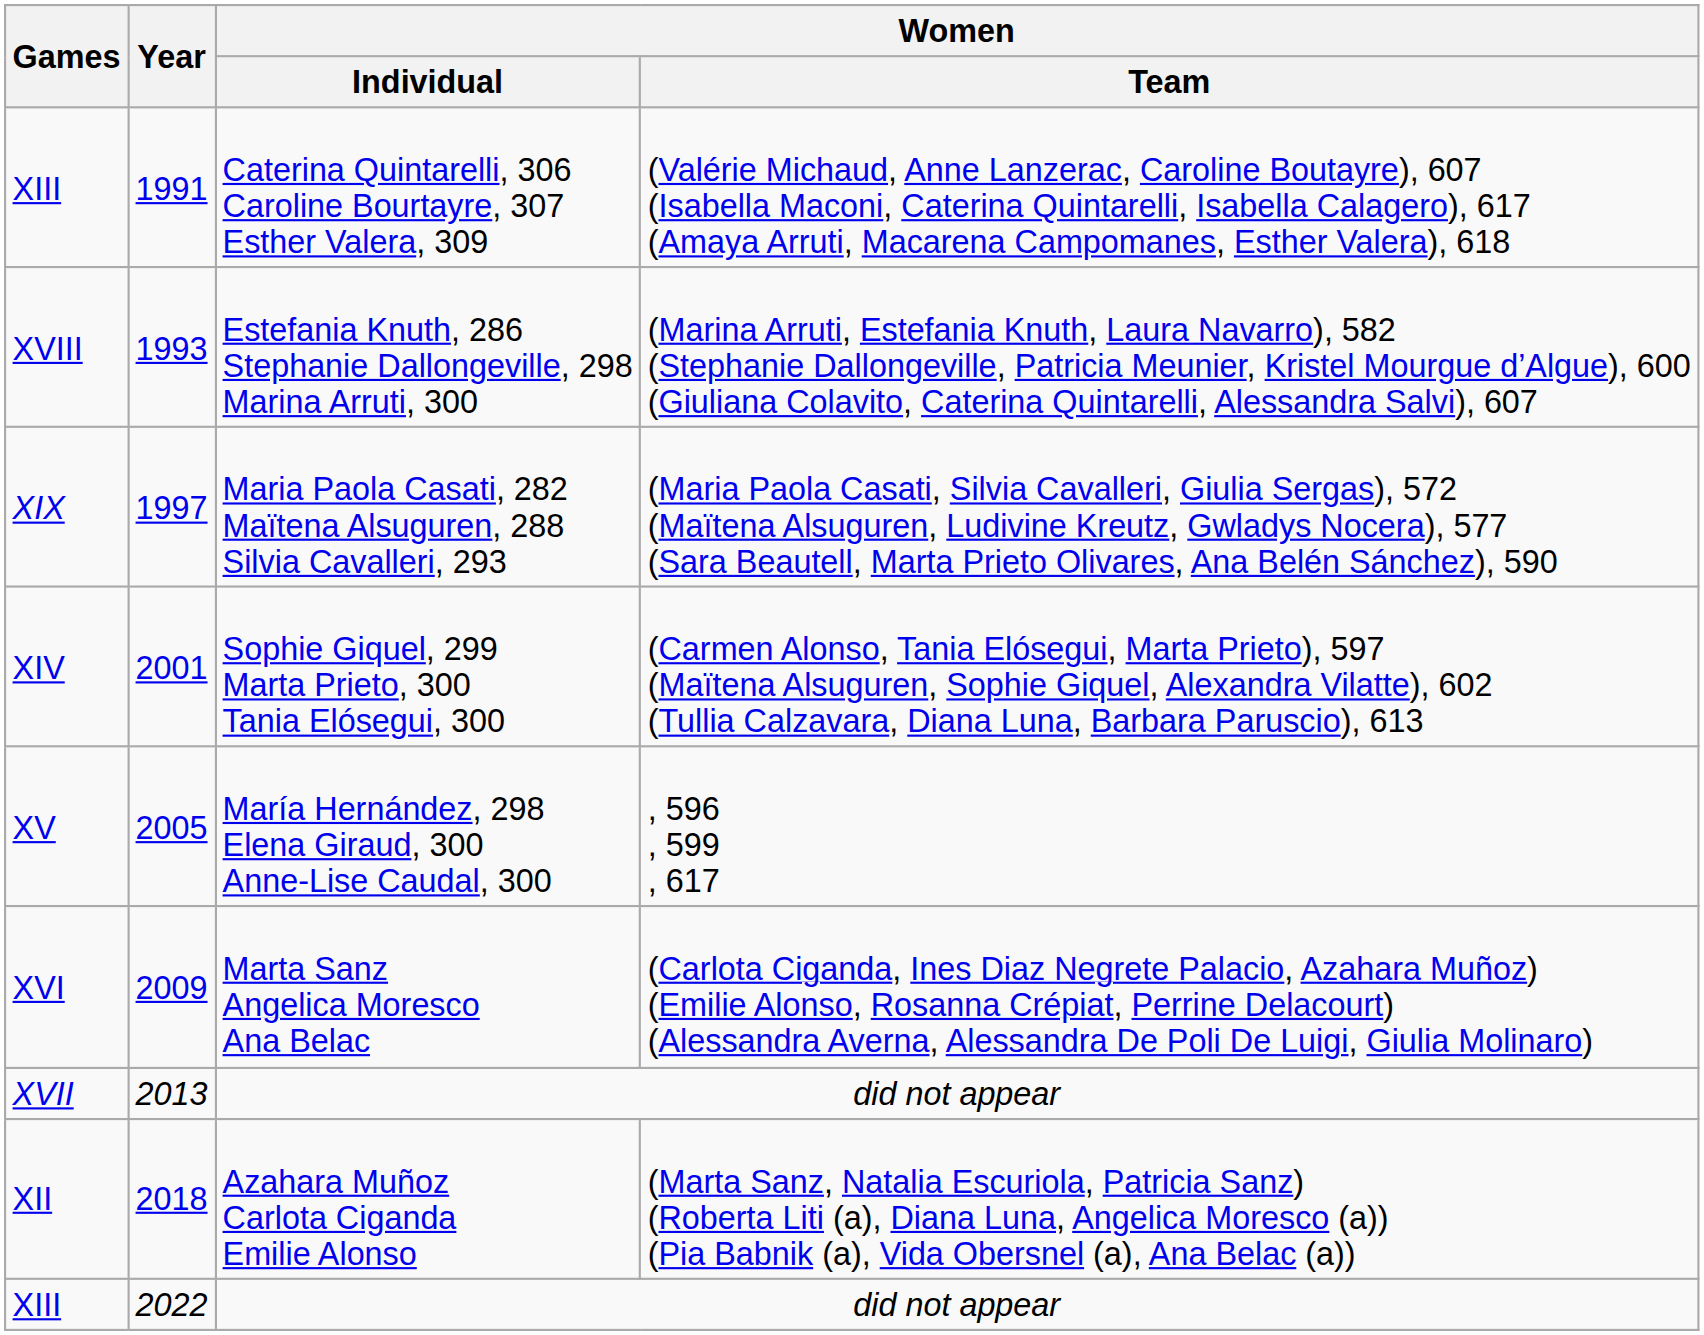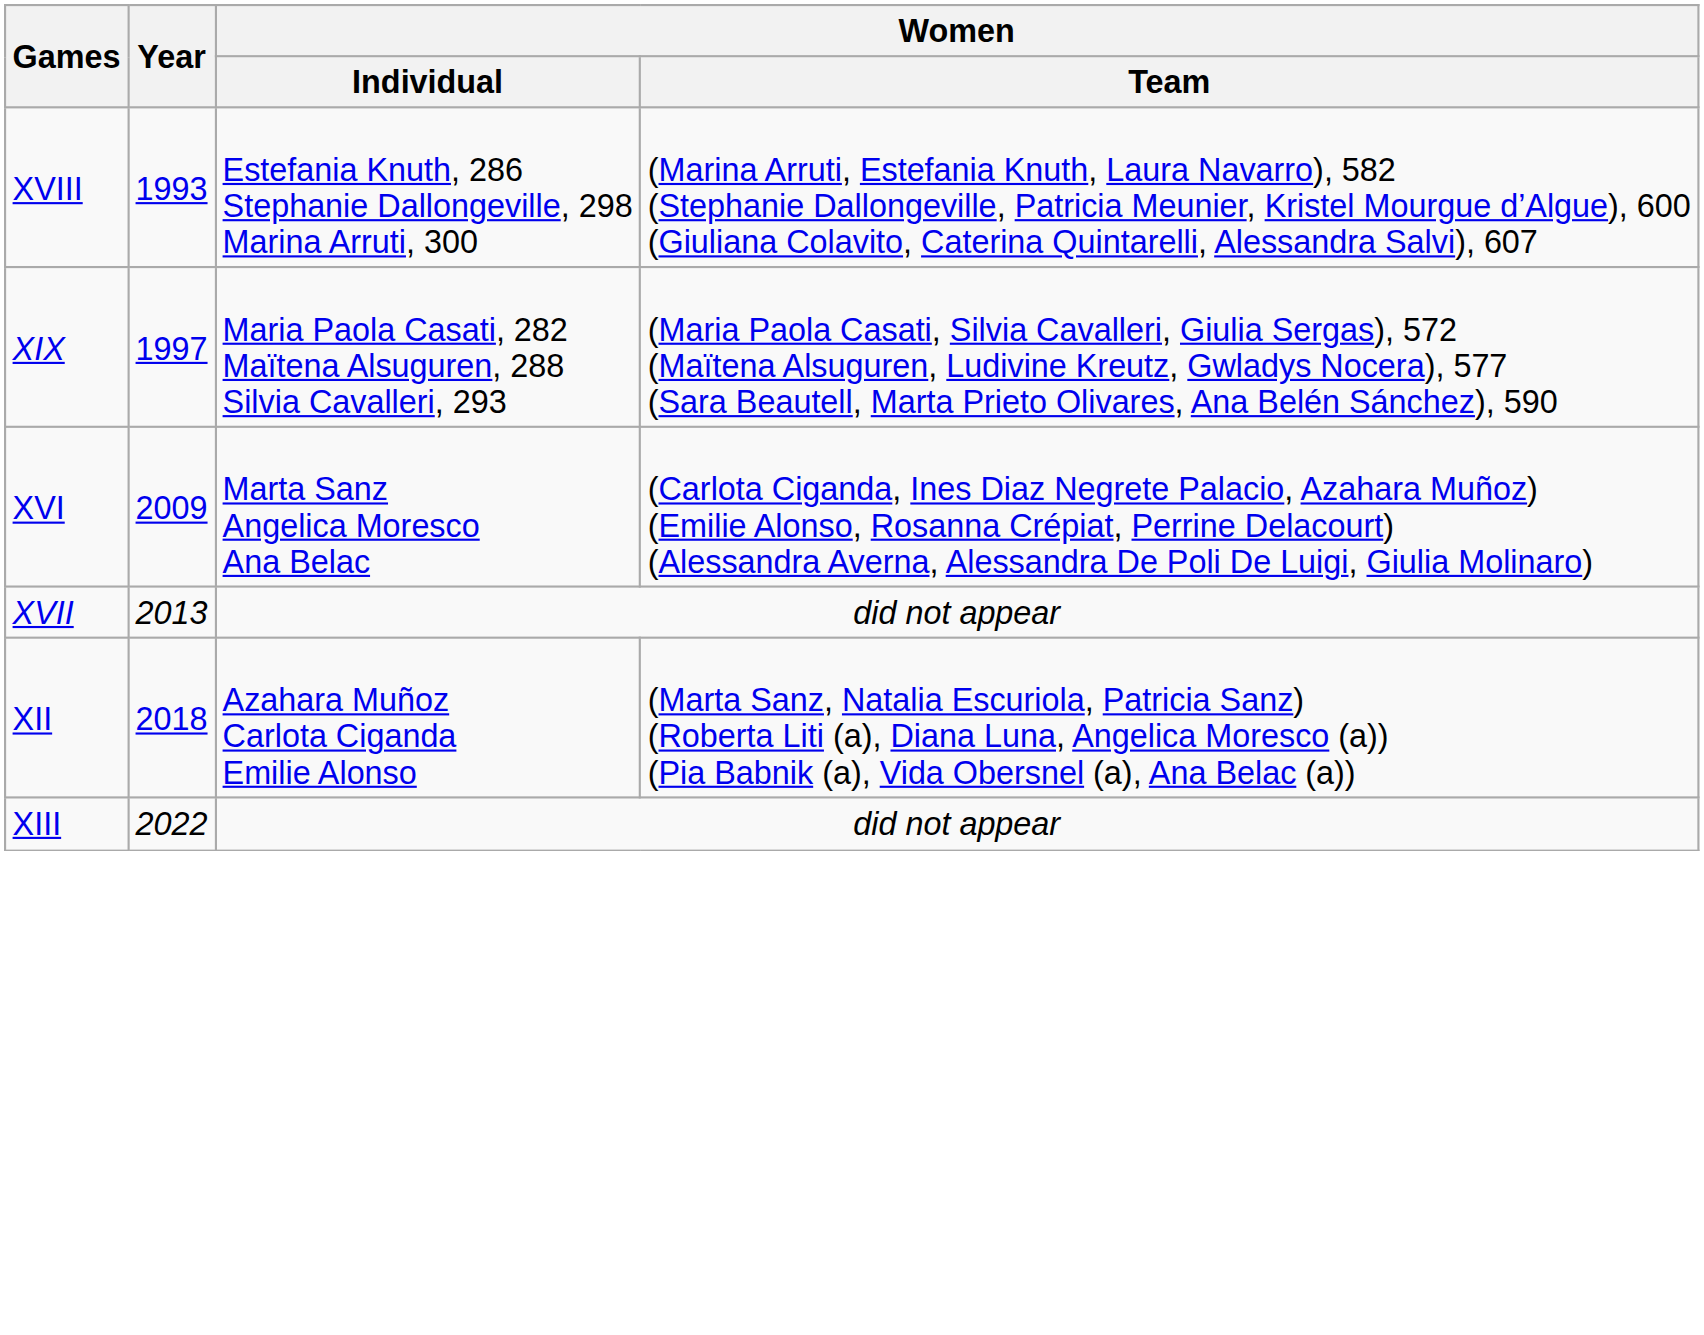 <table class=wikitable style=font-size:95%;>
 <tr>
 <th rowspan=2>Games</th>
 <th rowspan=2>Year</th>
 <th colspan=2>Women</th>
 </tr>
 <tr>
 <th>Individual</th>
 <th>Team</th>
-</tr>
-<tr>
-<td><a href='#'>XIII</a></td>
-<td><a href='#'>1991</a></td>
-<td><br>  <a href='#'>Caterina Quintarelli</a>, 306 <br>   <a href='#'>Caroline Bourtayre</a>, 307  <br>   <a href='#'>Esther Valera</a>, 309</td>
-<td><br>  (<a href='#'>Valérie Michaud</a>, <a href='#'>Anne Lanzerac</a>, <a href='#'>Caroline Boutayre</a>), 607 <br>   (<a href='#'>Isabella Maconi</a>, <a href='#'>Caterina Quintarelli</a>, <a href='#'>Isabella Calagero</a>), 617 <br>   (<a href='#'>Amaya Arruti</a>, <a href='#'>Macarena Campomanes</a>, <a href='#'>Esther Valera</a>), 618</td>
 </tr>
 <tr>
 <td><a href='#'>XVIII</a></td>
 <td><a href='#'>1993</a></td>
 <td><br>  <a href='#'>Estefania Knuth</a>, 286 <br>   <a href='#'>Stephanie Dallongeville</a>, 298 <br>   <a href='#'>Marina Arruti</a>, 300</td>
 <td><br>  (<a href='#'>Marina Arruti</a>, <a href='#'>Estefania Knuth</a>, <a href='#'>Laura Navarro</a>), 582 <br>   (<a href='#'>Stephanie Dallongeville</a>, <a href='#'>Patricia Meunier</a>, <a href='#'>Kristel Mourgue d’Algue</a>), 600 <br>   (<a href='#'>Giuliana Colavito</a>, <a href='#'>Caterina Quintarelli</a>, <a href='#'>Alessandra Salvi</a>), 607</td>
 </tr>
 <tr>
 <td><em><a href='#'>XIX</a></em></td>
 <td><a href='#'>1997</a></td>
 <td><br>  <a href='#'>Maria Paola Casati</a>, 282 <br>   <a href='#'>Maïtena Alsuguren</a>, 288 <br>   <a href='#'>Silvia Cavalleri</a>, 293</td>
 <td><br>  (<a href='#'>Maria Paola Casati</a>, <a href='#'>Silvia Cavalleri</a>, <a href='#'>Giulia Sergas</a>), 572 <br>   (<a href='#'>Maïtena Alsuguren</a>, <a href='#'>Ludivine Kreutz</a>, <a href='#'>Gwladys Nocera</a>), 577 <br>   (<a href='#'>Sara Beautell</a>, <a href='#'>Marta Prieto Olivares</a>, <a href='#'>Ana Belén Sánchez</a>), 590</td>
-</tr>
-<tr>
-<td><a href='#'>XIV</a></td>
-<td><a href='#'>2001</a></td>
-<td><br>  <a href='#'>Sophie Giquel</a>, 299 <br>   <a href='#'>Marta Prieto</a>, 300 <br>   <a href='#'>Tania Elósegui</a>, 300</td>
-<td><br>  (<a href='#'>Carmen Alonso</a>, <a href='#'>Tania Elósegui</a>, <a href='#'>Marta Prieto</a>), 597 <br>   (<a href='#'>Maïtena Alsuguren</a>, <a href='#'>Sophie Giquel</a>, <a href='#'>Alexandra Vilatte</a>), 602 <br>   (<a href='#'>Tullia Calzavara</a>, <a href='#'>Diana Luna</a>, <a href='#'>Barbara Paruscio</a>), 613</td>
-</tr>
-<tr>
-<td><a href='#'>XV</a></td>
-<td><a href='#'>2005</a></td>
-<td><br>  <a href='#'>María Hernández</a>, 298 <br>   <a href='#'>Elena Giraud</a>, 300 <br>   <a href='#'>Anne-Lise Caudal</a>, 300</td>
-<td><br> , 596 <br>  , 599 <br>  , 617</td>
 </tr>
 <tr>
 <td><a href='#'>XVI</a></td>
 <td><a href='#'>2009</a></td>
 <td><br>  <a href='#'>Marta Sanz</a>  <br>   <a href='#'>Angelica Moresco</a> <br>   <a href='#'>Ana Belac</a></td>
 <td><br>  (<a href='#'>Carlota Ciganda</a>, <a href='#'>Ines Diaz Negrete Palacio</a>, <a href='#'>Azahara Muñoz</a>) <br>   (<a href='#'>Emilie Alonso</a>, <a href='#'>Rosanna Crépiat</a>, <a href='#'>Perrine Delacourt</a>)<br>   (<a href='#'>Alessandra Averna</a>, <a href='#'>Alessandra De Poli De Luigi</a>, <a href='#'>Giulia Molinaro</a>)</td>
 </tr>
 <tr>
 <td><em><a href='#'>XVII</a></em></td>
 <td><em>2013</em></td>
 <td align=center colspan=2><em>did not appear</em></td>
 </tr>
 <tr>
 <td><a href='#'>XII</a></td>
 <td><a href='#'>2018</a></td>
 <td><br>  <a href='#'>Azahara Muñoz</a><br>         <a href='#'>Carlota Ciganda</a><br>   <a href='#'>Emilie Alonso</a></td>
 <td><br>  (<a href='#'>Marta Sanz</a>, <a href='#'>Natalia Escuriola</a>, <a href='#'>Patricia Sanz</a>)<br>   (<a href='#'>Roberta Liti</a> (a), <a href='#'>Diana Luna</a>, <a href='#'>Angelica Moresco</a> (a))<br>   (<a href='#'>Pia Babnik</a> (a), <a href='#'>Vida Obersnel</a> (a), <a href='#'>Ana Belac</a> (a))</td>
 </tr>
 <tr>
 <td><a href='#'>XIII</a></td>
 <td><em>2022</em></td>
 <td align=center colspan=2><em>did not appear</em></td>
 </tr>
 </table>
